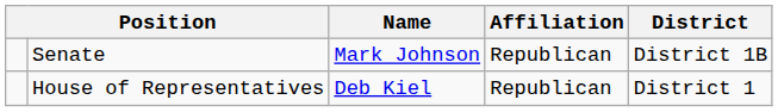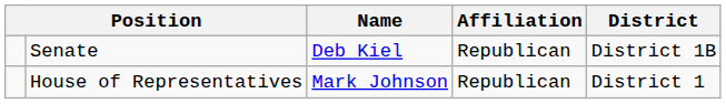 <table class="wikitable">
 <tr>
 <th colspan="2">Position</th>
 <th>Name</th>
 <th>Affiliation</th>
 <th>District</th>
 </tr>
 <tr>
 <td style="background-color:"> </td>
 <td>Senate</td>
-<td><a href='#'>Mark Johnson</a></td>
+<td><a href='#'>Deb Kiel</a></td>
 <td>Republican</td>
 <td>District 1B</td>
 </tr>
 <tr>
 <td style="background-color:"> </td>
 <td>House of Representatives</td>
-<td><a href='#'>Deb Kiel</a></td>
+<td><a href='#'>Mark Johnson</a></td>
 <td>Republican</td>
 <td>District 1</td>
 </tr>
 </table>
